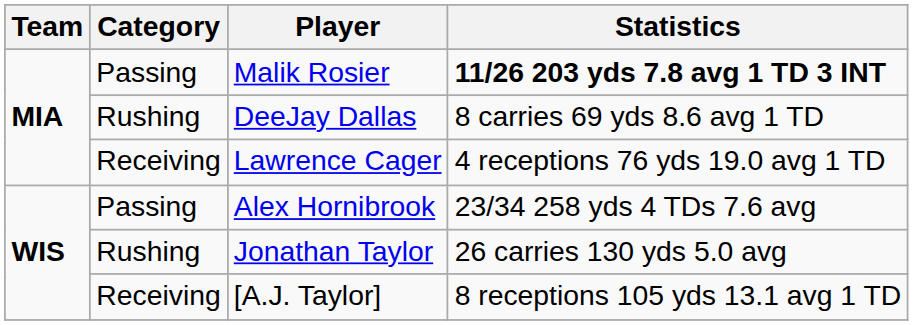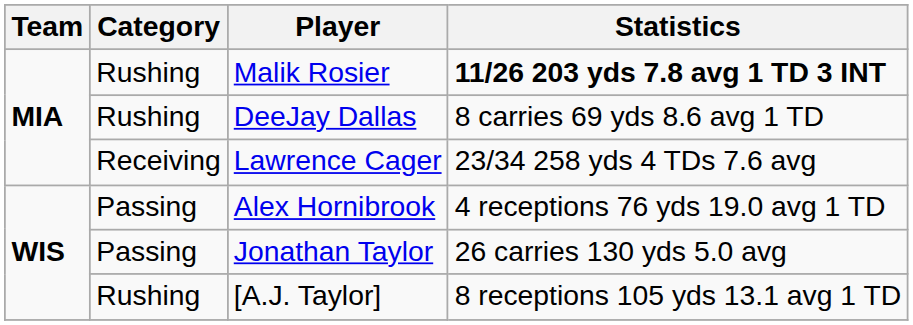 <table class="wikitable">
 <tr>
 <th>Team</th>
 <th>Category</th>
 <th>Player</th>
 <th>Statistics</th>
 </tr>
 <tr>
 <td rowspan=3><strong>MIA</strong></td>
-<td>Passing</td>
+<td>Rushing</td>
 <td><a href='#'>Malik Rosier</a></td>
 <td><strong>11/26 203 yds 7.8 avg 1 TD 3 INT</strong></td>
 </tr>
 <tr>
 <td>Rushing</td>
 <td><a href='#'>DeeJay Dallas</a></td>
 <td>8 carries 69 yds 8.6 avg 1 TD</td>
 </tr>
 <tr>
 <td>Receiving</td>
 <td><a href='#'>Lawrence Cager</a></td>
-<td>4 receptions 76 yds 19.0 avg 1 TD</td>
+<td>23/34 258 yds 4 TDs 7.6 avg</td>
 </tr>
 <tr>
 <td rowspan=3><strong>WIS</strong></td>
 <td>Passing</td>
 <td><a href='#'>Alex Hornibrook</a></td>
-<td>23/34 258 yds 4 TDs 7.6 avg</td>
+<td>4 receptions 76 yds 19.0 avg 1 TD</td>
 </tr>
 <tr>
-<td>Rushing</td>
+<td>Passing</td>
 <td><a href='#'>Jonathan Taylor</a></td>
 <td>26 carries 130 yds 5.0 avg</td>
 </tr>
 <tr>
-<td>Receiving</td>
+<td>Rushing</td>
 <td>[A.J. Taylor]</td>
 <td>8 receptions 105 yds 13.1 avg 1 TD</td>
 </tr>
 </table>
